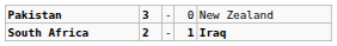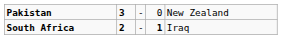 <table class="wikitable">
 <tr>
 <td width=150> <strong>Pakistan</strong></td>
 <td style="width:20px; text-align:left;"><strong>3</strong></td>
 <td>-</td>
 <td style="width:20px; text-align:right;">0</td>
 <td width=150> New Zealand</td>
 </tr>
 <tr>
 <td> <strong>South Africa</strong></td>
 <td style="text-align:left;"><strong>2</strong></td>
 <td>-</td>
 <td style="text-align:right;"><strong>1</strong></td>
-<td><strong> Iraq</strong></td>
+<td> Iraq</td>
 </tr>
 </table>
